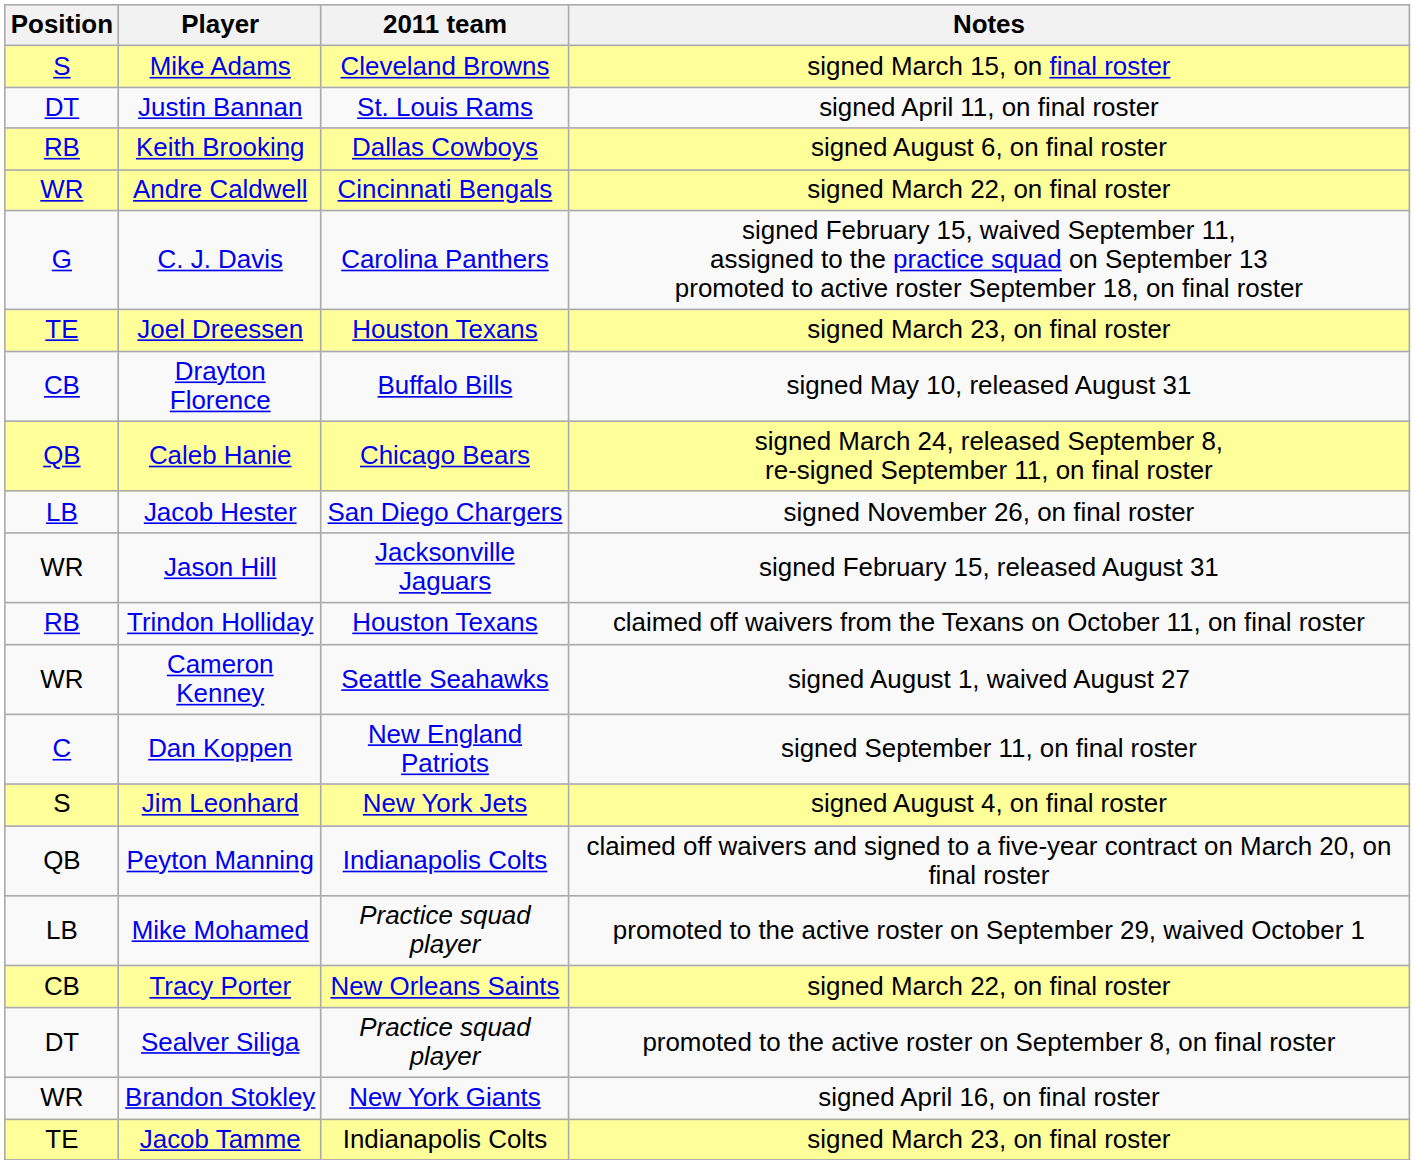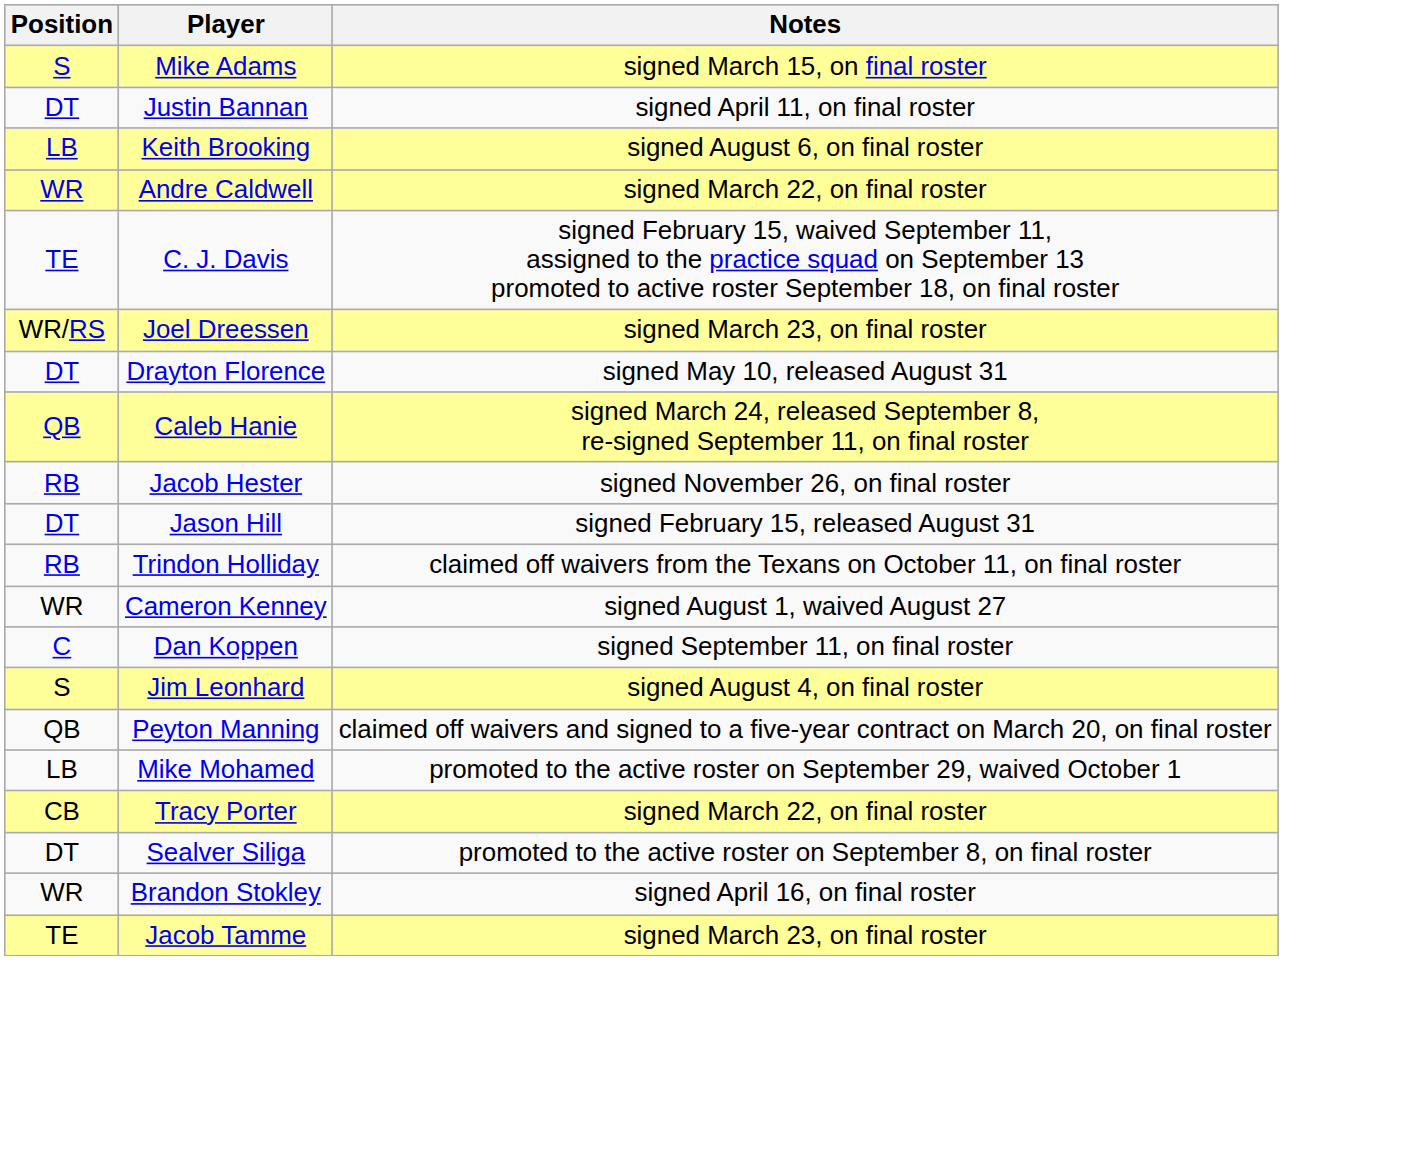 <table class="wikitable" style="text-align:center">
 <tr>
 <th>Position</th>
 <th>Player</th>
-<th>2011 team</th>
 <th>Notes</th>
 </tr>
 <tr style="background:#ff9">
 <td><a href='#'>S</a></td>
 <td><a href='#'>Mike Adams</a></td>
-<td><a href='#'>Cleveland Browns</a></td>
 <td>signed March 15, on <a href='#'>final roster</a></td>
 </tr>
 <tr>
 <td><a href='#'>DT</a></td>
 <td><a href='#'>Justin Bannan</a></td>
-<td><a href='#'>St. Louis Rams</a></td>
 <td>signed April 11, on final roster</td>
 </tr>
 <tr style="background:#ff9">
-<td><a href='#'>RB</a></td>
+<td><a href='#'>LB</a></td>
 <td><a href='#'>Keith Brooking</a></td>
-<td><a href='#'>Dallas Cowboys</a></td>
 <td>signed August 6, on final roster</td>
 </tr>
 <tr style="background:#ff9">
 <td><a href='#'>WR</a></td>
 <td><a href='#'>Andre Caldwell</a></td>
-<td><a href='#'>Cincinnati Bengals</a></td>
 <td>signed March 22, on final roster</td>
 </tr>
 <tr>
-<td><a href='#'>G</a></td>
+<td><a href='#'>TE</a></td>
 <td><a href='#'>C. J. Davis</a></td>
-<td><a href='#'>Carolina Panthers</a></td>
 <td>signed February 15, waived September 11,<br>assigned to the <a href='#'>practice squad</a> on September 13<br>promoted to active roster September 18, on final roster</td>
 </tr>
 <tr style="background:#ff9">
-<td><a href='#'>TE</a></td>
+<td>WR/<a href='#'>RS</a></td>
 <td><a href='#'>Joel Dreessen</a></td>
-<td><a href='#'>Houston Texans</a></td>
 <td>signed March 23, on final roster</td>
 </tr>
 <tr>
-<td><a href='#'>CB</a></td>
+<td><a href='#'>DT</a></td>
 <td><a href='#'>Drayton Florence</a></td>
-<td><a href='#'>Buffalo Bills</a></td>
 <td>signed May 10, released August 31</td>
 </tr>
 <tr style="background:#ff9">
 <td><a href='#'>QB</a></td>
 <td><a href='#'>Caleb Hanie</a></td>
-<td><a href='#'>Chicago Bears</a></td>
 <td>signed March 24, released September 8,<br>re-signed September 11, on final roster</td>
 </tr>
 <tr>
-<td><a href='#'>LB</a></td>
+<td><a href='#'>RB</a></td>
 <td><a href='#'>Jacob Hester</a></td>
-<td><a href='#'>San Diego Chargers</a></td>
 <td>signed November 26, on final roster</td>
 </tr>
 <tr>
-<td>WR</td>
+<td><a href='#'>DT</a></td>
 <td><a href='#'>Jason Hill</a></td>
-<td><a href='#'>Jacksonville Jaguars</a></td>
 <td>signed February 15, released August 31</td>
 </tr>
 <tr>
 <td><a href='#'>RB</a></td>
 <td><a href='#'>Trindon Holliday</a></td>
-<td><a href='#'>Houston Texans</a></td>
 <td>claimed off waivers from the Texans on October 11, on final roster</td>
 </tr>
 <tr>
 <td>WR</td>
 <td><a href='#'>Cameron Kenney</a></td>
-<td><a href='#'>Seattle Seahawks</a></td>
 <td>signed August 1, waived August 27</td>
 </tr>
 <tr>
 <td><a href='#'>C</a></td>
 <td><a href='#'>Dan Koppen</a></td>
-<td><a href='#'>New England Patriots</a></td>
 <td>signed September 11, on final roster </td>
 </tr>
 <tr style="background:#ff9">
 <td>S</td>
 <td><a href='#'>Jim Leonhard</a></td>
-<td><a href='#'>New York Jets</a></td>
 <td>signed August 4, on final roster</td>
 </tr>
 <tr>
 <td>QB</td>
 <td><a href='#'>Peyton Manning</a></td>
-<td><a href='#'>Indianapolis Colts</a></td>
 <td>claimed off waivers and signed to a five-year contract on March 20, on final roster</td>
 </tr>
 <tr>
 <td>LB</td>
 <td><a href='#'>Mike Mohamed</a></td>
-<td><em>Practice squad player</em></td>
 <td>promoted to the active roster on September 29, waived October 1</td>
 </tr>
 <tr style="background:#ff9">
 <td>CB</td>
 <td><a href='#'>Tracy Porter</a></td>
-<td><a href='#'>New Orleans Saints</a></td>
 <td>signed March 22, on final roster</td>
 </tr>
 <tr>
 <td>DT</td>
 <td><a href='#'>Sealver Siliga</a></td>
-<td><em>Practice squad player</em></td>
 <td>promoted to the active roster on September 8, on final roster</td>
 </tr>
 <tr>
 <td>WR</td>
 <td><a href='#'>Brandon Stokley</a></td>
-<td><a href='#'>New York Giants</a></td>
 <td>signed April 16, on final roster</td>
 </tr>
 <tr style="background:#ff9">
 <td>TE</td>
 <td><a href='#'>Jacob Tamme</a></td>
-<td>Indianapolis Colts</td>
 <td>signed March 23, on final roster</td>
 </tr>
 </table>
